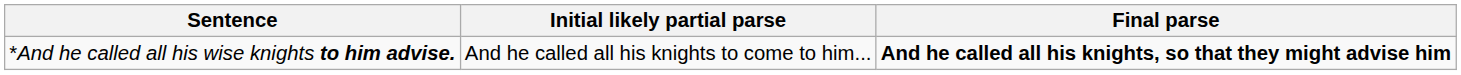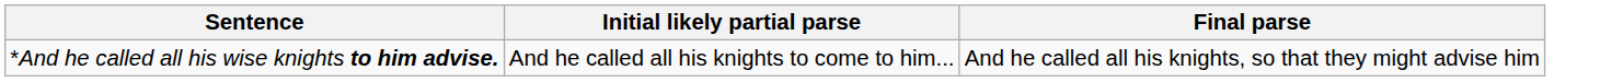 <table class="wikitable" bgcolor="white">
 <tr>
 <th>Sentence</th>
 <th>Initial likely partial parse</th>
 <th>Final parse</th>
 </tr>
 <tr>
 <td>*<em>And he called all his wise knights <strong>to him advise<strong><em>.</td>
 <td>And he called all his knights to come to him...</td>
-<td><strong>And he called all his knights, so that they might advise him</strong></td>
+<td>And he called all his knights, so that they might advise him</td>
 </tr>
 </table>
